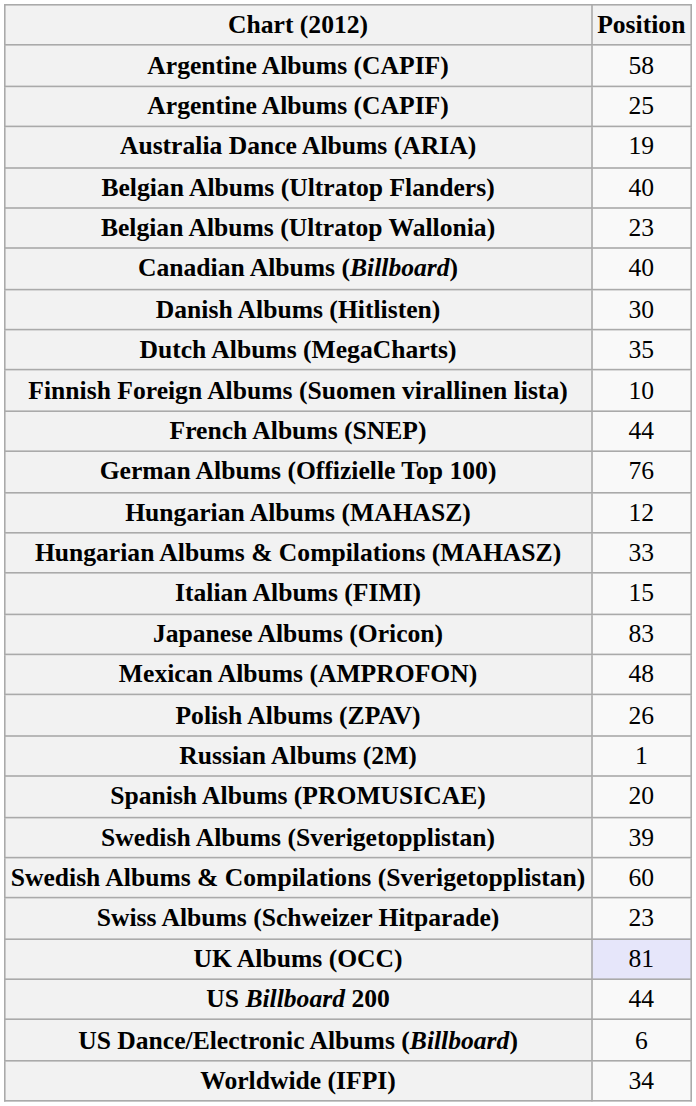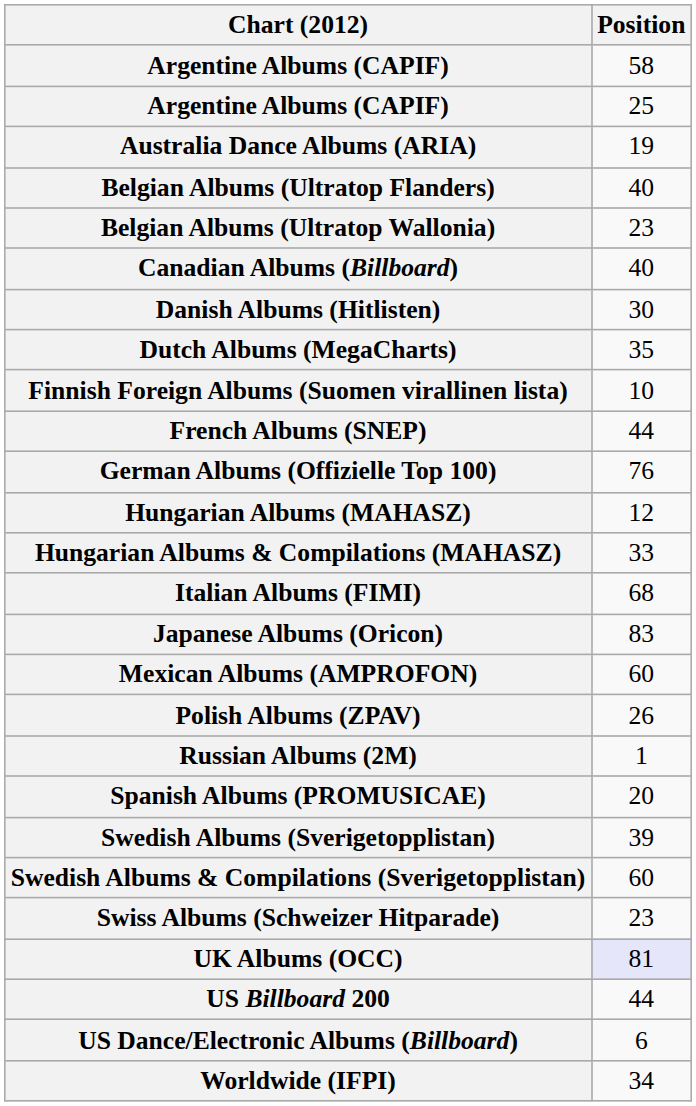 <table class="wikitable sortable plainrowheaders" style="text-align:center;">
 <tr>
 <th scope="col">Chart (2012)</th>
 <th scope="col">Position</th>
 </tr>
 <tr>
 <th scope="row">Argentine Albums (CAPIF)</th>
 <td>58</td>
 </tr>
 <tr>
 <th scope="row">Argentine Albums (CAPIF) <br> </th>
 <td>25</td>
 </tr>
 <tr>
 <th scope="row">Australia Dance Albums (ARIA)</th>
 <td>19</td>
 </tr>
 <tr>
 <th scope="row">Belgian Albums (Ultratop Flanders)</th>
 <td>40</td>
 </tr>
 <tr>
 <th scope="row">Belgian Albums (Ultratop Wallonia)</th>
 <td>23</td>
 </tr>
 <tr>
 <th scope="row">Canadian Albums (<em>Billboard</em>)</th>
 <td>40</td>
 </tr>
 <tr>
 <th scope="row">Danish Albums (Hitlisten)</th>
 <td>30</td>
 </tr>
 <tr>
 <th scope="row">Dutch Albums (MegaCharts)</th>
 <td>35</td>
 </tr>
 <tr>
 <th scope="row">Finnish Foreign Albums (Suomen virallinen lista)</th>
 <td>10</td>
 </tr>
 <tr>
 <th scope="row">French Albums (SNEP)</th>
 <td>44</td>
 </tr>
 <tr>
 <th scope="row">German Albums (Offizielle Top 100)</th>
 <td>76</td>
 </tr>
 <tr>
 <th scope="row">Hungarian Albums (MAHASZ)</th>
 <td>12</td>
 </tr>
 <tr>
 <th scope="row">Hungarian Albums & Compilations (MAHASZ)</th>
 <td>33</td>
 </tr>
 <tr>
 <th scope="row">Italian Albums (FIMI)</th>
-<td>15</td>
+<td>68</td>
 </tr>
 <tr>
 <th scope="row">Japanese Albums (Oricon)</th>
 <td>83</td>
 </tr>
 <tr>
 <th scope="row">Mexican Albums (AMPROFON)</th>
-<td>48</td>
+<td>60</td>
 </tr>
 <tr>
 <th scope="row">Polish Albums (ZPAV)</th>
 <td>26</td>
 </tr>
 <tr>
 <th scope="row">Russian Albums (2М)</th>
 <td>1</td>
 </tr>
 <tr>
 <th scope="row">Spanish Albums (PROMUSICAE)</th>
 <td>20</td>
 </tr>
 <tr>
 <th scope="row">Swedish Albums (Sverigetopplistan)</th>
 <td>39</td>
 </tr>
 <tr>
 <th scope="row">Swedish Albums & Compilations (Sverigetopplistan)</th>
 <td>60</td>
 </tr>
 <tr>
 <th scope="row">Swiss Albums (Schweizer Hitparade)</th>
 <td>23</td>
 </tr>
 <tr>
 <th scope="row">UK Albums (OCC)</th>
 <td style="background: lavender;">81</td>
 </tr>
 <tr>
 <th scope="row">US <em>Billboard</em> 200</th>
 <td>44</td>
 </tr>
 <tr>
 <th scope="row">US Dance/Electronic Albums (<em>Billboard</em>)</th>
 <td>6</td>
 </tr>
 <tr>
 <th scope="row">Worldwide (IFPI)</th>
 <td>34</td>
 </tr>
 </table>
